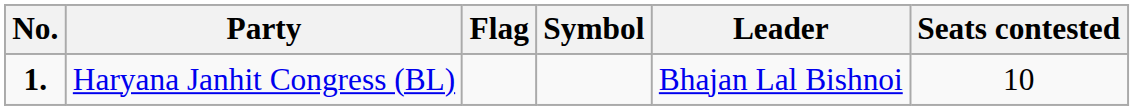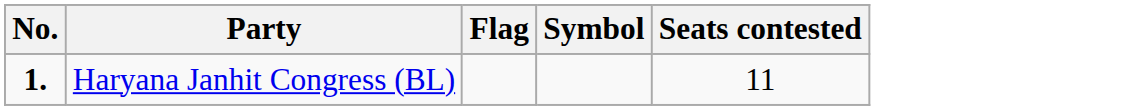 <table class="wikitable">
 <tr>
 <th>No.</th>
 <th>Party</th>
 <th>Flag</th>
 <th>Symbol</th>
-<th>Leader</th>
 <th>Seats contested</th>
 </tr>
 <tr>
 <td ! style="text-align:center; background:"><strong>1.</strong></td>
 <td style="text-align:center"><a href='#'>Haryana Janhit Congress (BL)</a></td>
 <td></td>
 <td></td>
-<td style="text-align:center"><a href='#'>Bhajan Lal Bishnoi</a></td>
-<td style="text-align:center">10</td>
+<td style="text-align:center">11</td>
 </tr>
 </table>
